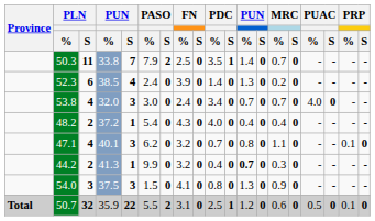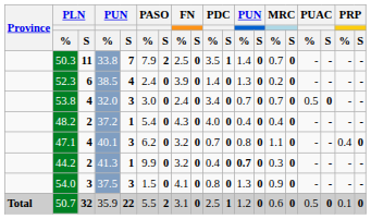 <table class="wikitable sortable" style="text-align:right; font-size:95%; line-height:20px;">
 <tr>
 <th rowspan="3"><a href='#'>Province</a></th>
 <th colspan="2" width="30px"><a href='#'>PLN</a></th>
 <th colspan="2" width="30px"><a href='#'>PUN</a></th>
 <th colspan="2" width="30px">PASO</th>
 <th colspan="2" width="30px">FN</th>
 <th colspan="2" width="30px">PDC</th>
 <th colspan="2" width="30px"><a href='#'>PUN</a></th>
 <th colspan="2" width="30px">MRC</th>
 <th colspan="2" width="30px">PUAC</th>
 <th colspan="2" width="30px">PRP</th>
 </tr>
 <tr>
 <th colspan="2" style="background:"></th>
 <th colspan="2" style="background:"></th>
 <th colspan="2" style="background:"></th>
 <th colspan="2" style="background:#FF9317"></th>
 <th colspan="2" style="background:"></th>
 <th colspan="2" style="background:#0261D0"></th>
 <th colspan="2" style="background:lightblue"></th>
 <th colspan="2" style="background:"></th>
 <th colspan="2" style="background:#FCCD0F"></th>
 </tr>
 <tr>
 <th data-sort-type="number">%</th>
 <th data-sort-type="number">S</th>
 <th data-sort-type="number">%</th>
 <th data-sort-type="number">S</th>
 <th data-sort-type="number">%</th>
 <th data-sort-type="number">S</th>
 <th data-sort-type="number">%</th>
 <th data-sort-type="number">S</th>
 <th data-sort-type="number">%</th>
 <th data-sort-type="number">S</th>
 <th data-sort-type="number">%</th>
 <th data-sort-type="number">S</th>
 <th data-sort-type="number">%</th>
 <th data-sort-type="number">S</th>
 <th data-sort-type="number">%</th>
 <th data-sort-type="number">S</th>
 <th data-sort-type="number">%</th>
 <th data-sort-type="number">S</th>
 </tr>
 <tr>
 <td align="left"></td>
 <td style="background:#008024; color:white;">50.3</td>
 <td><strong>11</strong></td>
 <td style="background:#809ec1; color:white;">33.8</td>
 <td><strong>7</strong></td>
 <td>7.9</td>
 <td><strong>2</strong></td>
 <td>2.5</td>
 <td><strong>0</strong></td>
 <td>3.5</td>
 <td><strong>1</strong></td>
 <td>1.4</td>
 <td><strong>0</strong></td>
 <td>0.7</td>
 <td><strong>0</strong></td>
 <td>-</td>
 <td><strong>-</strong></td>
 <td>-</td>
 <td><strong>-</strong></td>
 </tr>
 <tr>
 <td align="left"></td>
 <td style="background:#008024; color:white;">52.3</td>
 <td><strong>6</strong></td>
 <td style="background:#809ec1; color:white;">38.5</td>
 <td><strong>4</strong></td>
 <td>2.4</td>
 <td><strong>0</strong></td>
 <td>3.9</td>
 <td><strong>0</strong></td>
 <td>1.4</td>
 <td><strong>0</strong></td>
 <td>1.3</td>
 <td><strong>0</strong></td>
 <td>0.2</td>
 <td><strong>0</strong></td>
 <td>-</td>
 <td><strong>-</strong></td>
 <td>-</td>
 <td><strong>-</strong></td>
 </tr>
 <tr>
 <td align="left"></td>
 <td style="background:#008024; color:white;">53.8</td>
 <td><strong>4</strong></td>
 <td style="background:#809ec1; color:white;">32.0</td>
 <td><strong>3</strong></td>
 <td>3.0</td>
 <td><strong>0</strong></td>
 <td>2.4</td>
 <td><strong>0</strong></td>
 <td>3.4</td>
 <td><strong>0</strong></td>
 <td>0.7</td>
 <td><strong>0</strong></td>
 <td>0.7</td>
 <td><strong>0</strong></td>
-<td>4.0</td>
+<td>0.5</td>
 <td><strong>0</strong></td>
 <td>-</td>
 <td><strong>-</strong></td>
 </tr>
 <tr>
 <td align="left"></td>
 <td style="background:#008024; color:white;">48.2</td>
 <td><strong>2</strong></td>
 <td style="background:#809ec1; color:white;">37.2</td>
 <td><strong>1</strong></td>
 <td>5.4</td>
 <td><strong>0</strong></td>
 <td>4.3</td>
 <td><strong>0</strong></td>
 <td>4.0</td>
 <td><strong>0</strong></td>
 <td>0.4</td>
 <td><strong>0</strong></td>
 <td>0.4</td>
 <td><strong>0</strong></td>
 <td>-</td>
 <td><strong>-</strong></td>
 <td>-</td>
 <td><strong>-</strong></td>
 </tr>
 <tr>
 <td align="left"></td>
 <td style="background:#008024; color:white;">47.1</td>
 <td><strong>4</strong></td>
 <td style="background:#809ec1; color:white;">40.1</td>
 <td><strong>3</strong></td>
 <td>6.2</td>
 <td><strong>0</strong></td>
 <td>3.2</td>
 <td><strong>0</strong></td>
 <td>0.7</td>
 <td><strong>0</strong></td>
 <td>0.8</td>
 <td><strong>0</strong></td>
 <td>1.1</td>
 <td><strong>0</strong></td>
 <td>-</td>
 <td><strong>-</strong></td>
-<td>0.1</td>
+<td>0.4</td>
 <td><strong>0</strong></td>
 </tr>
 <tr>
 <td align="left"></td>
 <td style="background:#008024; color:white;">44.2</td>
 <td><strong>2</strong></td>
 <td style="background:#809ec1; color:white;">41.3</td>
 <td><strong>1</strong></td>
 <td>9.9</td>
 <td><strong>0</strong></td>
 <td>3.2</td>
 <td><strong>0</strong></td>
 <td>0.4</td>
 <td><strong>0</strong></td>
 <td><strong>0.7</strong></td>
 <td><strong>0</strong></td>
 <td>0.3</td>
 <td><strong>0</strong></td>
 <td>-</td>
 <td><strong>-</strong></td>
 <td>-</td>
 <td><strong>-</strong></td>
 </tr>
 <tr>
 <td align="left"></td>
 <td style="background:#008024; color:white;">54.0</td>
 <td><strong>3</strong></td>
 <td style="background:#809ec1; color:white;">37.5</td>
 <td><strong>3</strong></td>
 <td>1.5</td>
 <td><strong>0</strong></td>
 <td>4.1</td>
 <td><strong>0</strong></td>
 <td>0.8</td>
 <td><strong>0</strong></td>
 <td>1.3</td>
 <td><strong>0</strong></td>
 <td>0.9</td>
 <td><strong>0</strong></td>
 <td>-</td>
 <td><strong>-</strong></td>
 <td>-</td>
 <td><strong>-</strong></td>
 </tr>
 <tr style="background:#CDCDCD;">
 <td align="left"><strong>Total</strong></td>
 <td style="background:#008024; color:white;">50.7</td>
 <td><strong>32</strong></td>
 <td>35.9</td>
 <td><strong>22</strong></td>
 <td>5.5</td>
 <td><strong>2</strong></td>
 <td>3.1</td>
 <td><strong>0</strong></td>
 <td>2.5</td>
 <td><strong>1</strong></td>
 <td>1.2</td>
 <td><strong>0</strong></td>
 <td>0.6</td>
 <td><strong>0</strong></td>
 <td>0.5</td>
 <td><strong>0</strong></td>
 <td>0.1</td>
 <td><strong>0</strong></td>
 </tr>
 </table>
